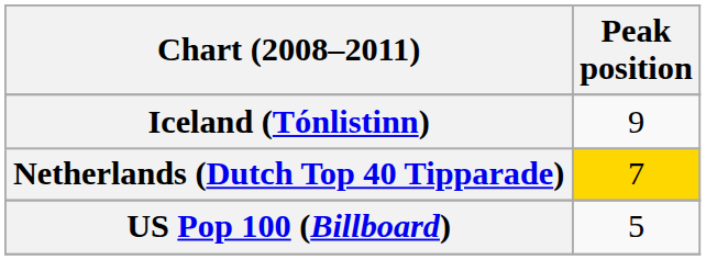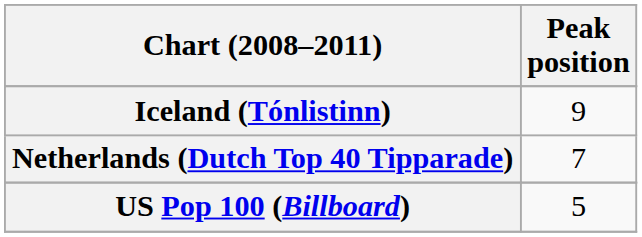 <table class="wikitable sortable plainrowheaders" style="text-align:center">
 <tr>
 <th scope="col">Chart (2008–2011)</th>
 <th scope="col">Peak<br>position</th>
 </tr>
 <tr>
 </tr>
 <tr>
 </tr>
 <tr>
 </tr>
 <tr>
 </tr>
 <tr>
 </tr>
 <tr>
 </tr>
 <tr>
 </tr>
 <tr>
 </tr>
 <tr>
 <th scope="row">Iceland (<a href='#'>Tónlistinn</a>)</th>
 <td>9</td>
 </tr>
 <tr>
 <th scope="row">Netherlands (<a href='#'>Dutch Top 40 Tipparade</a>)</th>
-<td style="background: gold;">7</td>
+<td>7</td>
 </tr>
 <tr>
 </tr>
 <tr>
 </tr>
 <tr>
 </tr>
 <tr>
 </tr>
 <tr>
 </tr>
 <tr>
 </tr>
 <tr>
 </tr>
 <tr>
 <th scope="row">US <a href='#'>Pop 100</a> (<em><a href='#'>Billboard</a></em>)</th>
 <td>5</td>
 </tr>
 <tr>
 </tr>
 </table>
